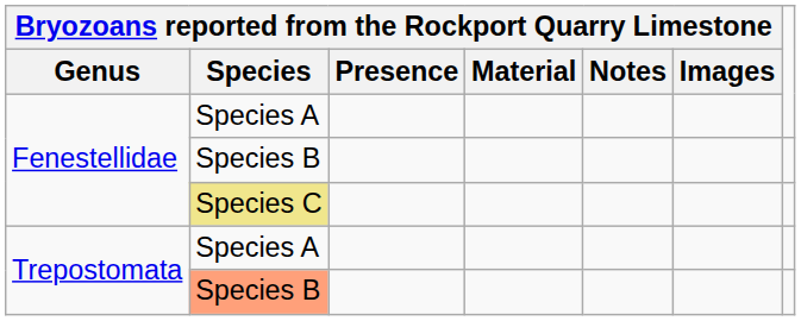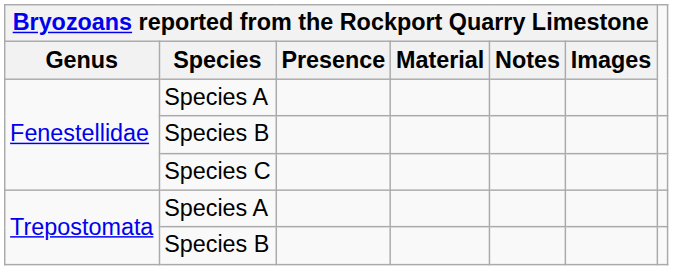 <table class="wikitable" align="center">
 <tr>
 <th colspan="6" align="center"><strong><a href='#'>Bryozoans</a> reported from the Rockport Quarry Limestone</strong></th>
 </tr>
 <tr>
 <th>Genus</th>
 <th>Species</th>
 <th>Presence</th>
 <th><strong>Material</strong></th>
 <th>Notes</th>
 <th>Images</th>
 </tr>
 <tr>
 <td rowspan="3"><a href='#'>Fenestellidae</a></td>
 <td>Species A</td>
 <td></td>
 <td></td>
 <td></td>
 <td></td>
 </tr>
 <tr>
 <td>Species B</td>
 <td></td>
 <td></td>
 <td></td>
 <td></td>
 <td></td>
 </tr>
 <tr>
-<td style="background: khaki;">Species C</td>
+<td>Species C</td>
 <td></td>
 <td></td>
 <td></td>
 <td></td>
 <td></td>
 </tr>
 <tr>
 <td rowspan=2><a href='#'>Trepostomata</a></td>
 <td>Species A</td>
 <td></td>
 <td></td>
 <td></td>
 <td></td>
 </tr>
 <tr>
-<td style="background: lightsalmon;">Species B</td>
+<td>Species B</td>
 <td></td>
 <td></td>
 <td></td>
 <td></td>
 <td></td>
 </tr>
 </table>
